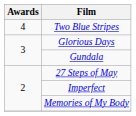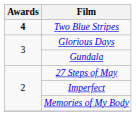 <table class="wikitable plainrowheaders" style="text-align:center;">
 <tr>
 <th scope="col" style="width:55px;">Awards</th>
 <th scope="col" style="text-align:center;">Film</th>
 </tr>
 <tr>
-<td>4</td>
+<td><strong>4</strong></td>
 <td><em><a href='#'>Two Blue Stripes</a></em></td>
 </tr>
 <tr>
 <td rowspan="2">3</td>
 <td><em><a href='#'>Glorious Days</a></em></td>
 </tr>
 <tr>
 <td><em><a href='#'>Gundala</a></em></td>
 </tr>
 <tr>
 <td rowspan="3">2</td>
 <td><em><a href='#'>27 Steps of May</a></em></td>
 </tr>
 <tr>
 <td><em><a href='#'>Imperfect</a></em></td>
 </tr>
 <tr>
 <td><em><a href='#'>Memories of My Body</a></em></td>
 </tr>
 <tr>
 </tr>
 </table>
